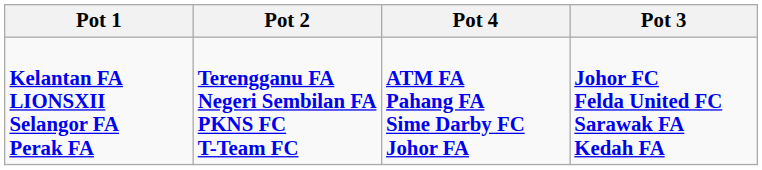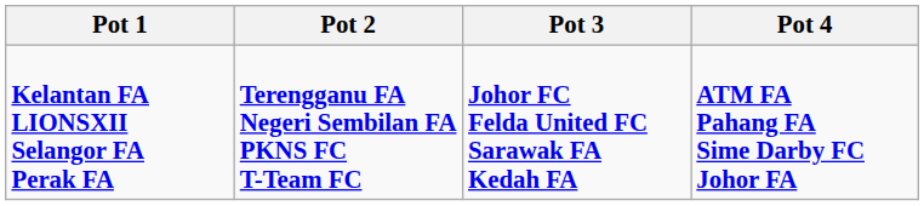 <table class=wikitable>
 <tr>
 <th width=25%>Pot 1</th>
 <th width=25%>Pot 2</th>
+<th width=25%>Pot 3</th>
 <th width=25%>Pot 4</th>
-<th width=25%>Pot 3</th>
 </tr>
 <tr valign=top>
 <td><br> <strong><a href='#'>Kelantan FA</a></strong><br>   <strong><a href='#'>LIONSXII</a></strong><br>   <strong><a href='#'>Selangor FA</a></strong><br>   <strong><a href='#'>Perak FA</a></strong></td>
 <td><br> <strong><a href='#'>Terengganu FA</a></strong><br>   <strong><a href='#'>Negeri Sembilan FA</a></strong><br>   <strong><a href='#'>PKNS FC</a></strong><br>   <strong><a href='#'>T-Team FC</a></strong></td>
+<td><br> <strong><a href='#'>Johor FC</a></strong><br>   <strong><a href='#'>Felda United FC</a></strong><br>   <strong><a href='#'>Sarawak FA</a></strong><br>   <strong><a href='#'>Kedah FA</a></strong></td>
 <td><br> <strong><a href='#'>ATM FA</a></strong><br>   <strong><a href='#'>Pahang FA</a></strong><br>   <strong><a href='#'>Sime Darby FC</a></strong><br>   <strong><a href='#'>Johor FA</a></strong></td>
-<td><br> <strong><a href='#'>Johor FC</a></strong><br>   <strong><a href='#'>Felda United FC</a></strong><br>   <strong><a href='#'>Sarawak FA</a></strong><br>   <strong><a href='#'>Kedah FA</a></strong></td>
 </tr>
 </table>
